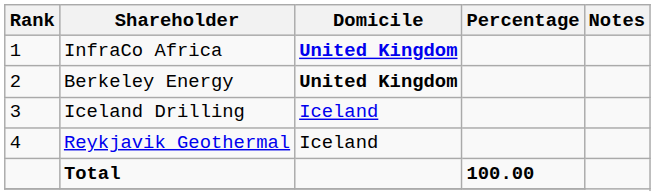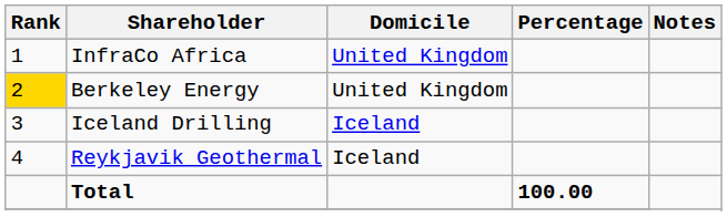 <table class="wikitable sortable" style="margin: 0.5em auto">
 <tr>
 <th>Rank</th>
 <th>Shareholder</th>
 <th>Domicile</th>
 <th>Percentage</th>
 <th>Notes</th>
 </tr>
 <tr>
 <td>1</td>
 <td>InfraCo Africa</td>
-<td><strong><a href='#'>United Kingdom</a></strong></td>
+<td><a href='#'>United Kingdom</a></td>
 <td></td>
 <td></td>
 </tr>
 <tr>
-<td>2</td>
+<td style="background: gold;">2</td>
 <td>Berkeley Energy</td>
-<td><strong>United Kingdom</strong></td>
+<td>United Kingdom</td>
 <td></td>
 <td></td>
 </tr>
 <tr>
 <td>3</td>
 <td>Iceland Drilling</td>
 <td><a href='#'>Iceland</a></td>
 <td></td>
 <td></td>
 </tr>
 <tr>
 <td>4</td>
 <td><a href='#'>Reykjavik Geothermal</a></td>
 <td>Iceland</td>
 <td></td>
 <td></td>
 </tr>
 <tr>
 <td></td>
 <td><strong>Total</strong></td>
 <td></td>
 <td><strong>100.00</strong></td>
 </tr>
 <tr>
 </tr>
 </table>
